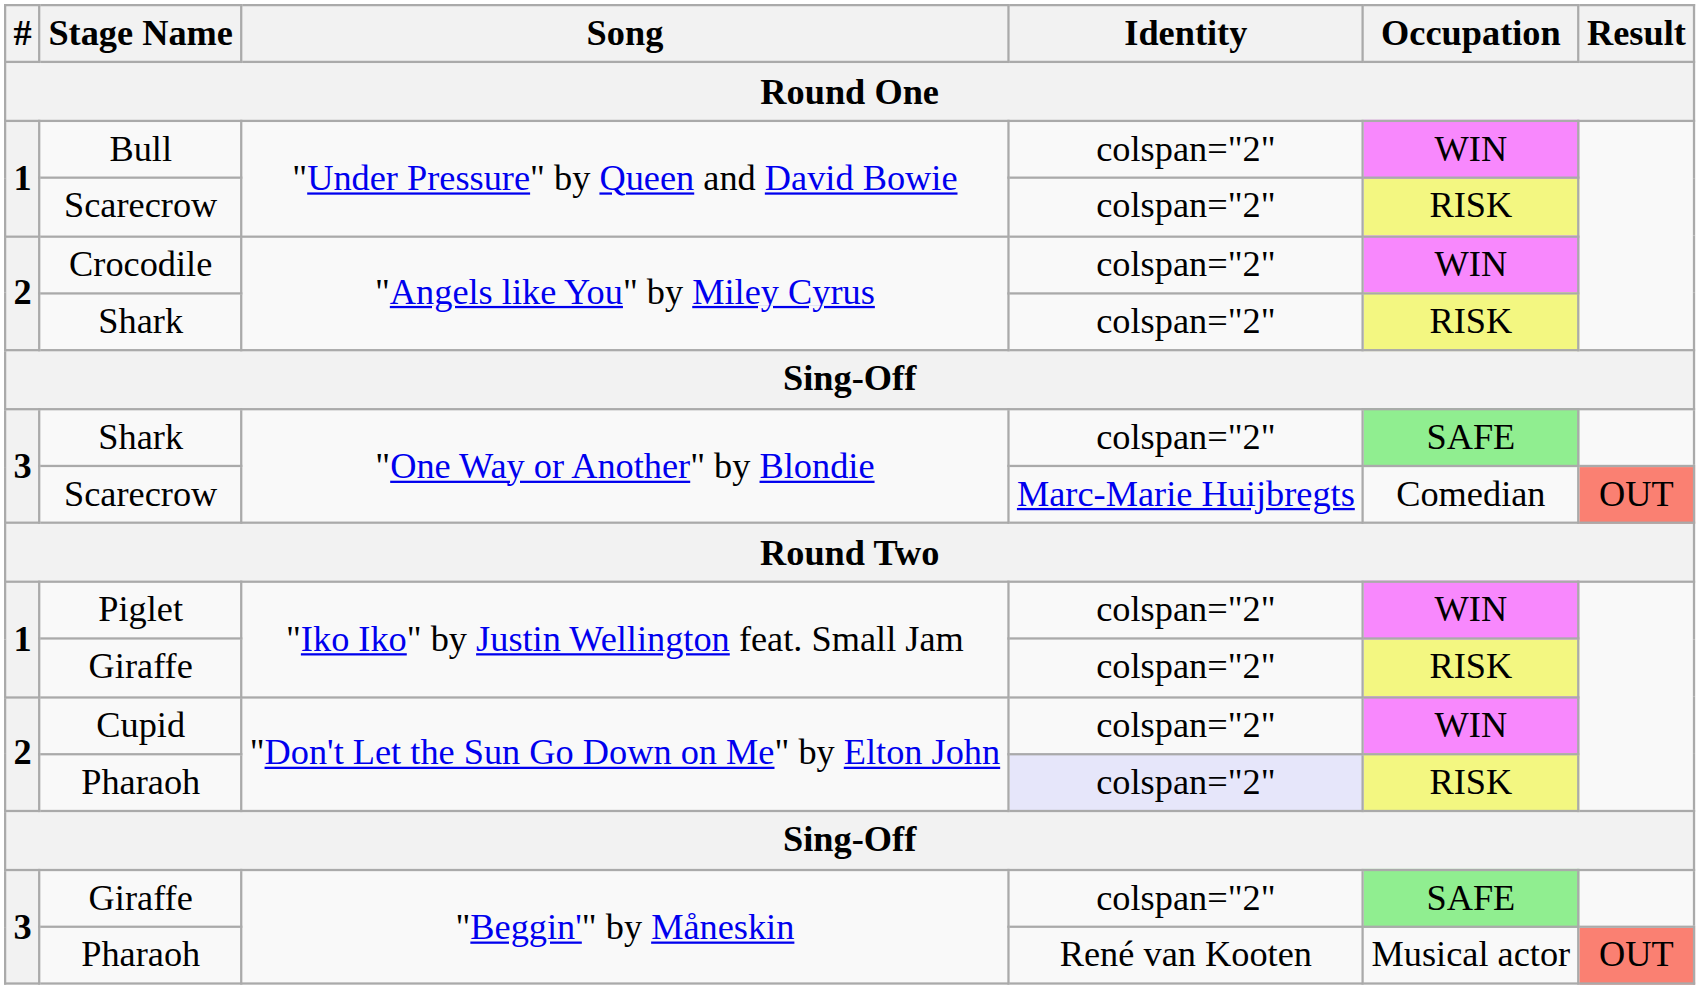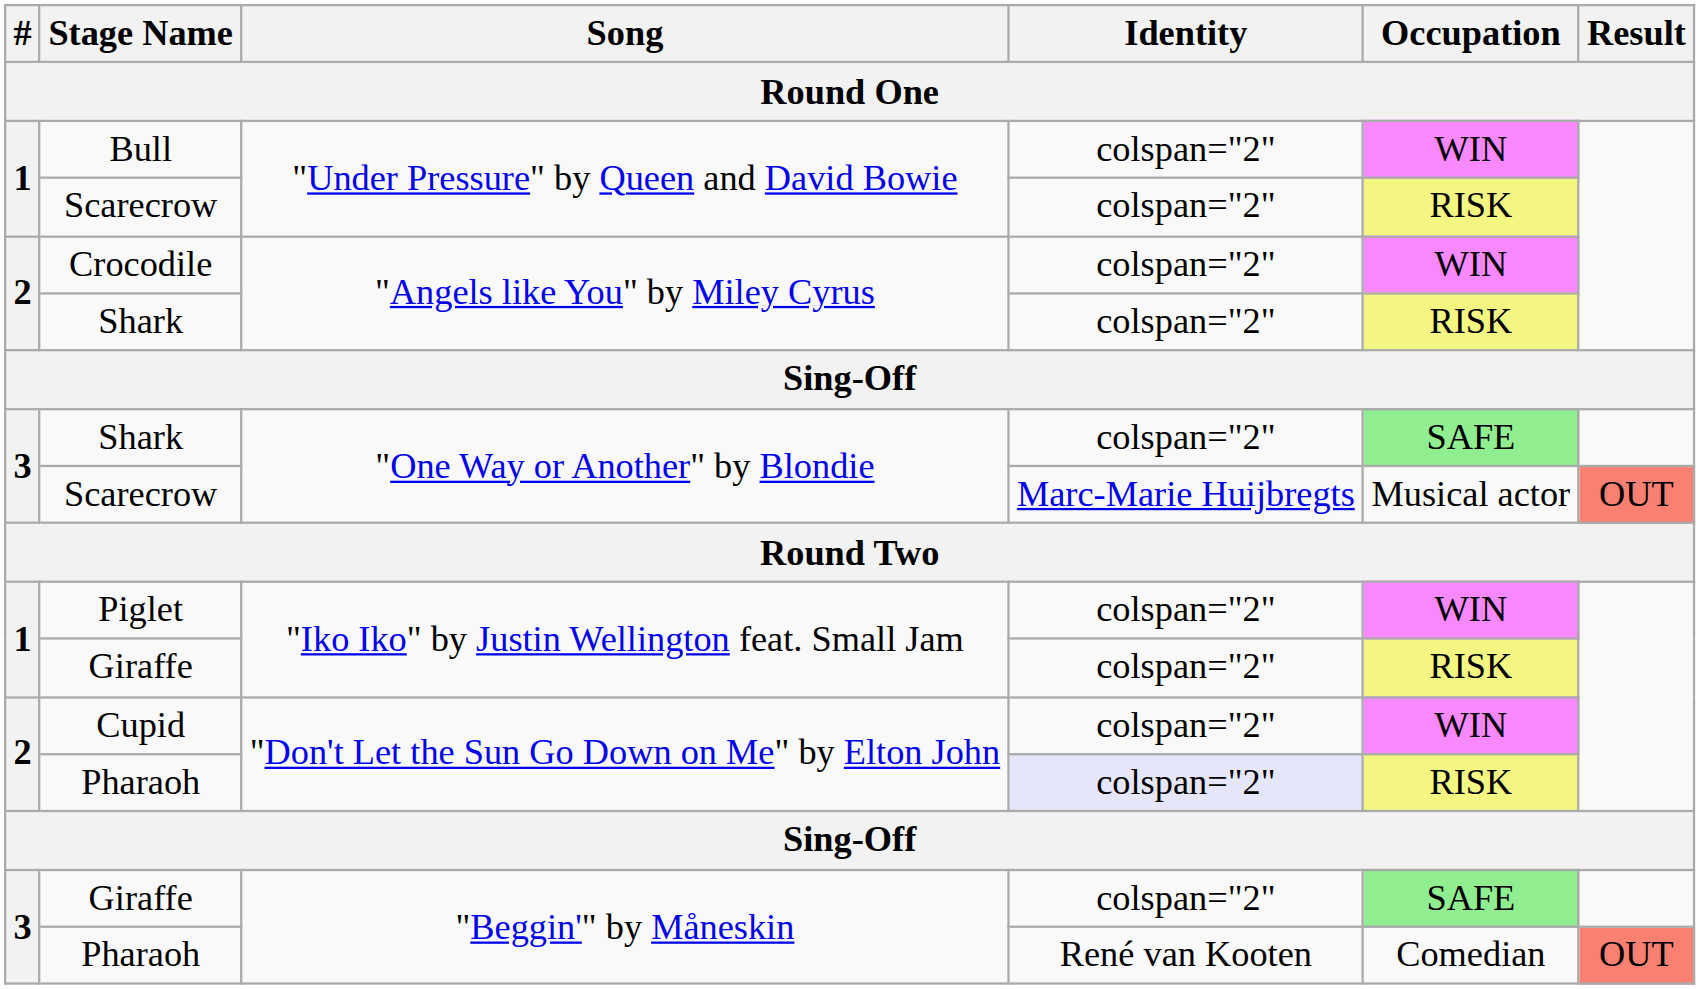 <table class="wikitable plainrowheaders" style="text-align: center;">
 <tr>
 <th><strong>#</strong></th>
 <th><strong>Stage Name</strong></th>
 <th><strong>Song</strong></th>
 <th>Identity</th>
 <th><strong>Occupation</strong></th>
 <th>Result</th>
 </tr>
 <tr>
 <th colspan="6">Round One</th>
 </tr>
 <tr>
 <th rowspan="2">1</th>
 <td>Bull</td>
 <td rowspan="2">"<a href='#'>Under Pressure</a>" by <a href='#'>Queen</a> and <a href='#'>David Bowie</a></td>
 <td>colspan="2" </td>
 <td bgcolor="F888FD">WIN</td>
 </tr>
 <tr>
 <td>Scarecrow</td>
 <td>colspan="2" </td>
 <td bgcolor="#F3F781">RISK</td>
 </tr>
 <tr>
 <th rowspan="2">2</th>
 <td>Crocodile</td>
 <td rowspan="2">"<a href='#'>Angels like You</a>" by <a href='#'>Miley Cyrus</a></td>
 <td>colspan="2" </td>
 <td bgcolor="F888FD">WIN</td>
 </tr>
 <tr>
 <td>Shark</td>
 <td>colspan="2" </td>
 <td bgcolor="#F3F781">RISK</td>
 </tr>
 <tr>
 <th colspan="6">Sing-Off</th>
 </tr>
 <tr>
 <th rowspan="2">3</th>
 <td>Shark</td>
 <td rowspan="2">"<a href='#'>One Way or Another</a>" by <a href='#'>Blondie</a></td>
 <td>colspan="2" </td>
 <td bgcolor="lightgreen">SAFE</td>
 </tr>
 <tr>
 <td>Scarecrow</td>
 <td><a href='#'>Marc-Marie Huijbregts</a></td>
-<td>Comedian</td>
+<td>Musical actor</td>
 <td bgcolor="salmon">OUT</td>
 </tr>
 <tr>
 <th colspan="6">Round Two</th>
 </tr>
 <tr>
 <th rowspan="2">1</th>
 <td>Piglet</td>
 <td rowspan="2">"<a href='#'>Iko Iko</a>" by <a href='#'>Justin Wellington</a> feat. Small Jam</td>
 <td>colspan="2" </td>
 <td bgcolor="F888FD">WIN</td>
 </tr>
 <tr>
 <td>Giraffe</td>
 <td>colspan="2" </td>
 <td bgcolor="#F3F781">RISK</td>
 </tr>
 <tr>
 <th rowspan="2">2</th>
 <td>Cupid</td>
 <td rowspan="2">"<a href='#'>Don't Let the Sun Go Down on Me</a>" by <a href='#'>Elton John</a></td>
 <td>colspan="2" </td>
 <td bgcolor="F888FD">WIN</td>
 </tr>
 <tr>
 <td>Pharaoh</td>
 <td style="background: lavender;">colspan="2" </td>
 <td bgcolor="#F3F781">RISK</td>
 </tr>
 <tr>
 <th colspan="6">Sing-Off</th>
 </tr>
 <tr>
 <th rowspan="2">3</th>
 <td>Giraffe</td>
 <td rowspan="2">"<a href='#'>Beggin'</a>" by <a href='#'>Måneskin</a></td>
 <td>colspan="2" </td>
 <td bgcolor="lightgreen">SAFE</td>
 </tr>
 <tr>
 <td>Pharaoh</td>
 <td>René van Kooten</td>
-<td>Musical actor</td>
+<td>Comedian</td>
 <td bgcolor="salmon">OUT</td>
 </tr>
 </table>
